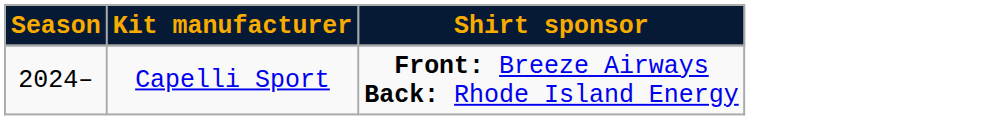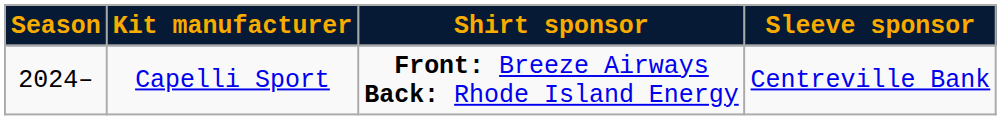 <table class="wikitable" style="text-align: center">
 <tr>
 <th style="background:#071A35; color:#F9AC00">Season</th>
 <th style="background:#071A35; color:#F9AC00">Kit manufacturer</th>
 <th style="background:#071A35; color:#F9AC00">Shirt sponsor</th>
+<th style="background:#071A35; color:#F9AC00">Sleeve sponsor</th>
 </tr>
 <tr>
 <td>2024–</td>
 <td><a href='#'>Capelli Sport</a></td>
 <td><strong>Front:</strong> <a href='#'>Breeze Airways</a><br><strong>Back:</strong> <a href='#'>Rhode Island Energy</a></td>
+<td><a href='#'>Centreville Bank</a></td>
 </tr>
 </table>
